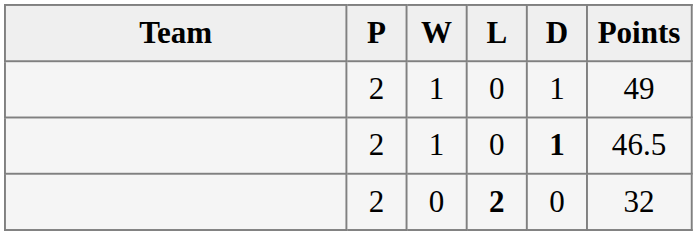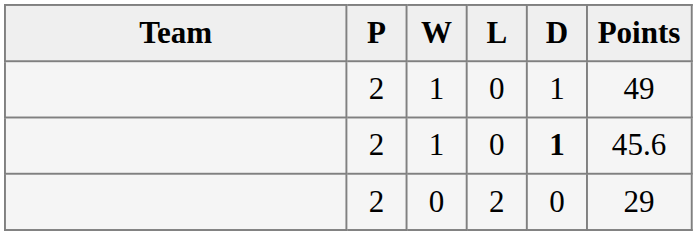 <table style=border-collapse:collapse border=1 cellspacing=0 cellpadding=5>
 <tr align=center bgcolor=#efefef>
 <th width=165>Team</th>
 <th width=20>P</th>
 <th width=20>W</th>
 <th width=20>L</th>
 <th width=20>D</th>
 <th width=20>Points</th>
 </tr>
 <tr align=center style="background:#f5f5f5;">
 <td style="text-align:left;"></td>
 <td>2</td>
 <td>1</td>
 <td>0</td>
 <td>1</td>
 <td>49</td>
 </tr>
 <tr align=center style="background:#f5f5f5;">
 <td style="text-align:left;"></td>
 <td>2</td>
 <td>1</td>
 <td>0</td>
 <td><strong>1</strong></td>
-<td>46.5</td>
+<td>45.6</td>
 </tr>
 <tr align=center style="background:#f5f5f5;">
 <td style="text-align:left;"></td>
 <td>2</td>
 <td>0</td>
-<td><strong>2</strong></td>
+<td>2</td>
 <td>0</td>
-<td>32</td>
+<td>29</td>
 </tr>
 </table>
